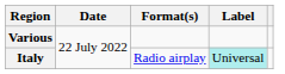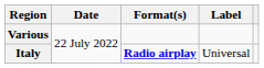 <table class="wikitable plainrowheaders">
 <tr>
 <th scope="col">Region</th>
 <th scope="col">Date</th>
 <th scope="col">Format(s)</th>
 <th scope="col">Label</th>
 <th scope="col"></th>
 </tr>
 <tr>
 <th scope="row">Various</th>
 <td rowspan="2">22 July 2022</td>
 <td></td>
 <td></td>
 <td style="text-align:center;"></td>
 </tr>
 <tr>
 <th scope="row">Italy</th>
-<td><a href='#'>Radio airplay</a></td>
-<td style="background: paleturquoise;">Universal</td>
+<td><strong><a href='#'>Radio airplay</a></strong></td>
+<td>Universal</td>
 <td style="text-align:center;"></td>
 </tr>
 </table>
